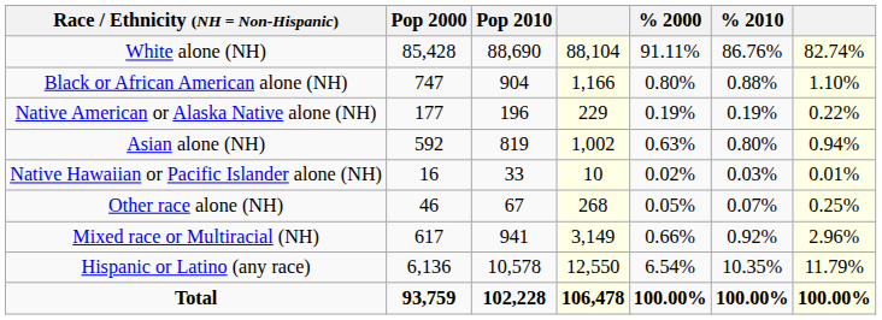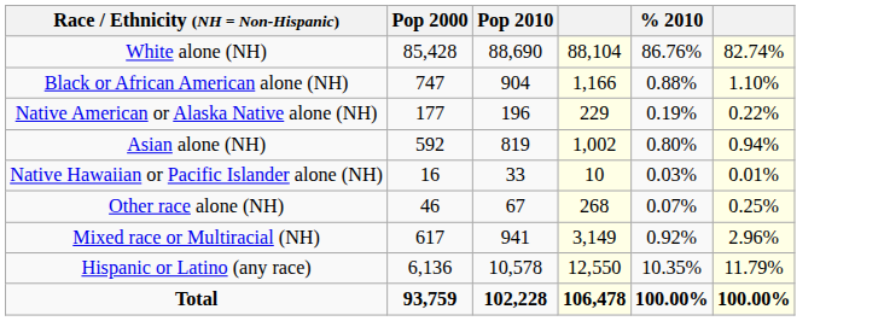 <table class="wikitable" style="text-align:center;">
 <tr>
 <th>Race / Ethnicity <small>(<em>NH = Non-Hispanic</em>)</small></th>
 <th>Pop 2000</th>
 <th>Pop 2010</th>
 <th></th>
-<th>% 2000</th>
 <th>% 2010</th>
 <th></th>
 </tr>
 <tr>
 <td><a href='#'>White</a> alone (NH)</td>
 <td>85,428</td>
 <td>88,690</td>
 <td style='background: #ffffe6;'>88,104</td>
-<td>91.11%</td>
 <td>86.76%</td>
 <td style='background: #ffffe6;'>82.74%</td>
 </tr>
 <tr>
 <td><a href='#'>Black or African American</a> alone (NH)</td>
 <td>747</td>
 <td>904</td>
 <td style='background: #ffffe6;'>1,166</td>
-<td>0.80%</td>
 <td>0.88%</td>
 <td style='background: #ffffe6;'>1.10%</td>
 </tr>
 <tr>
 <td><a href='#'>Native American</a> or <a href='#'>Alaska Native</a> alone (NH)</td>
 <td>177</td>
 <td>196</td>
 <td style='background: #ffffe6;'>229</td>
 <td>0.19%</td>
-<td>0.19%</td>
 <td style='background: #ffffe6;'>0.22%</td>
 </tr>
 <tr>
 <td><a href='#'>Asian</a> alone (NH)</td>
 <td>592</td>
 <td>819</td>
 <td style='background: #ffffe6;'>1,002</td>
-<td>0.63%</td>
 <td>0.80%</td>
 <td style='background: #ffffe6;'>0.94%</td>
 </tr>
 <tr>
 <td><a href='#'>Native Hawaiian</a> or <a href='#'>Pacific Islander</a> alone (NH)</td>
 <td>16</td>
 <td>33</td>
 <td style='background: #ffffe6;'>10</td>
-<td>0.02%</td>
 <td>0.03%</td>
 <td style='background: #ffffe6;'>0.01%</td>
 </tr>
 <tr>
 <td><a href='#'>Other race</a> alone (NH)</td>
 <td>46</td>
 <td>67</td>
 <td style='background: #ffffe6;'>268</td>
-<td>0.05%</td>
 <td>0.07%</td>
 <td style='background: #ffffe6;'>0.25%</td>
 </tr>
 <tr>
 <td><a href='#'>Mixed race or Multiracial</a> (NH)</td>
 <td>617</td>
 <td>941</td>
 <td style='background: #ffffe6;'>3,149</td>
-<td>0.66%</td>
 <td>0.92%</td>
 <td style='background: #ffffe6;'>2.96%</td>
 </tr>
 <tr>
 <td><a href='#'>Hispanic or Latino</a> (any race)</td>
 <td>6,136</td>
 <td>10,578</td>
 <td style='background: #ffffe6;'>12,550</td>
-<td>6.54%</td>
 <td>10.35%</td>
 <td style='background: #ffffe6;'>11.79%</td>
 </tr>
 <tr>
 <td><strong>Total</strong></td>
 <td><strong>93,759</strong></td>
 <td><strong>102,228</strong></td>
 <td style='background: #ffffe6;'><strong>106,478</strong></td>
 <td><strong>100.00%</strong></td>
-<td><strong>100.00%</strong></td>
 <td style='background: #ffffe6;'><strong>100.00%</strong></td>
 </tr>
 </table>
